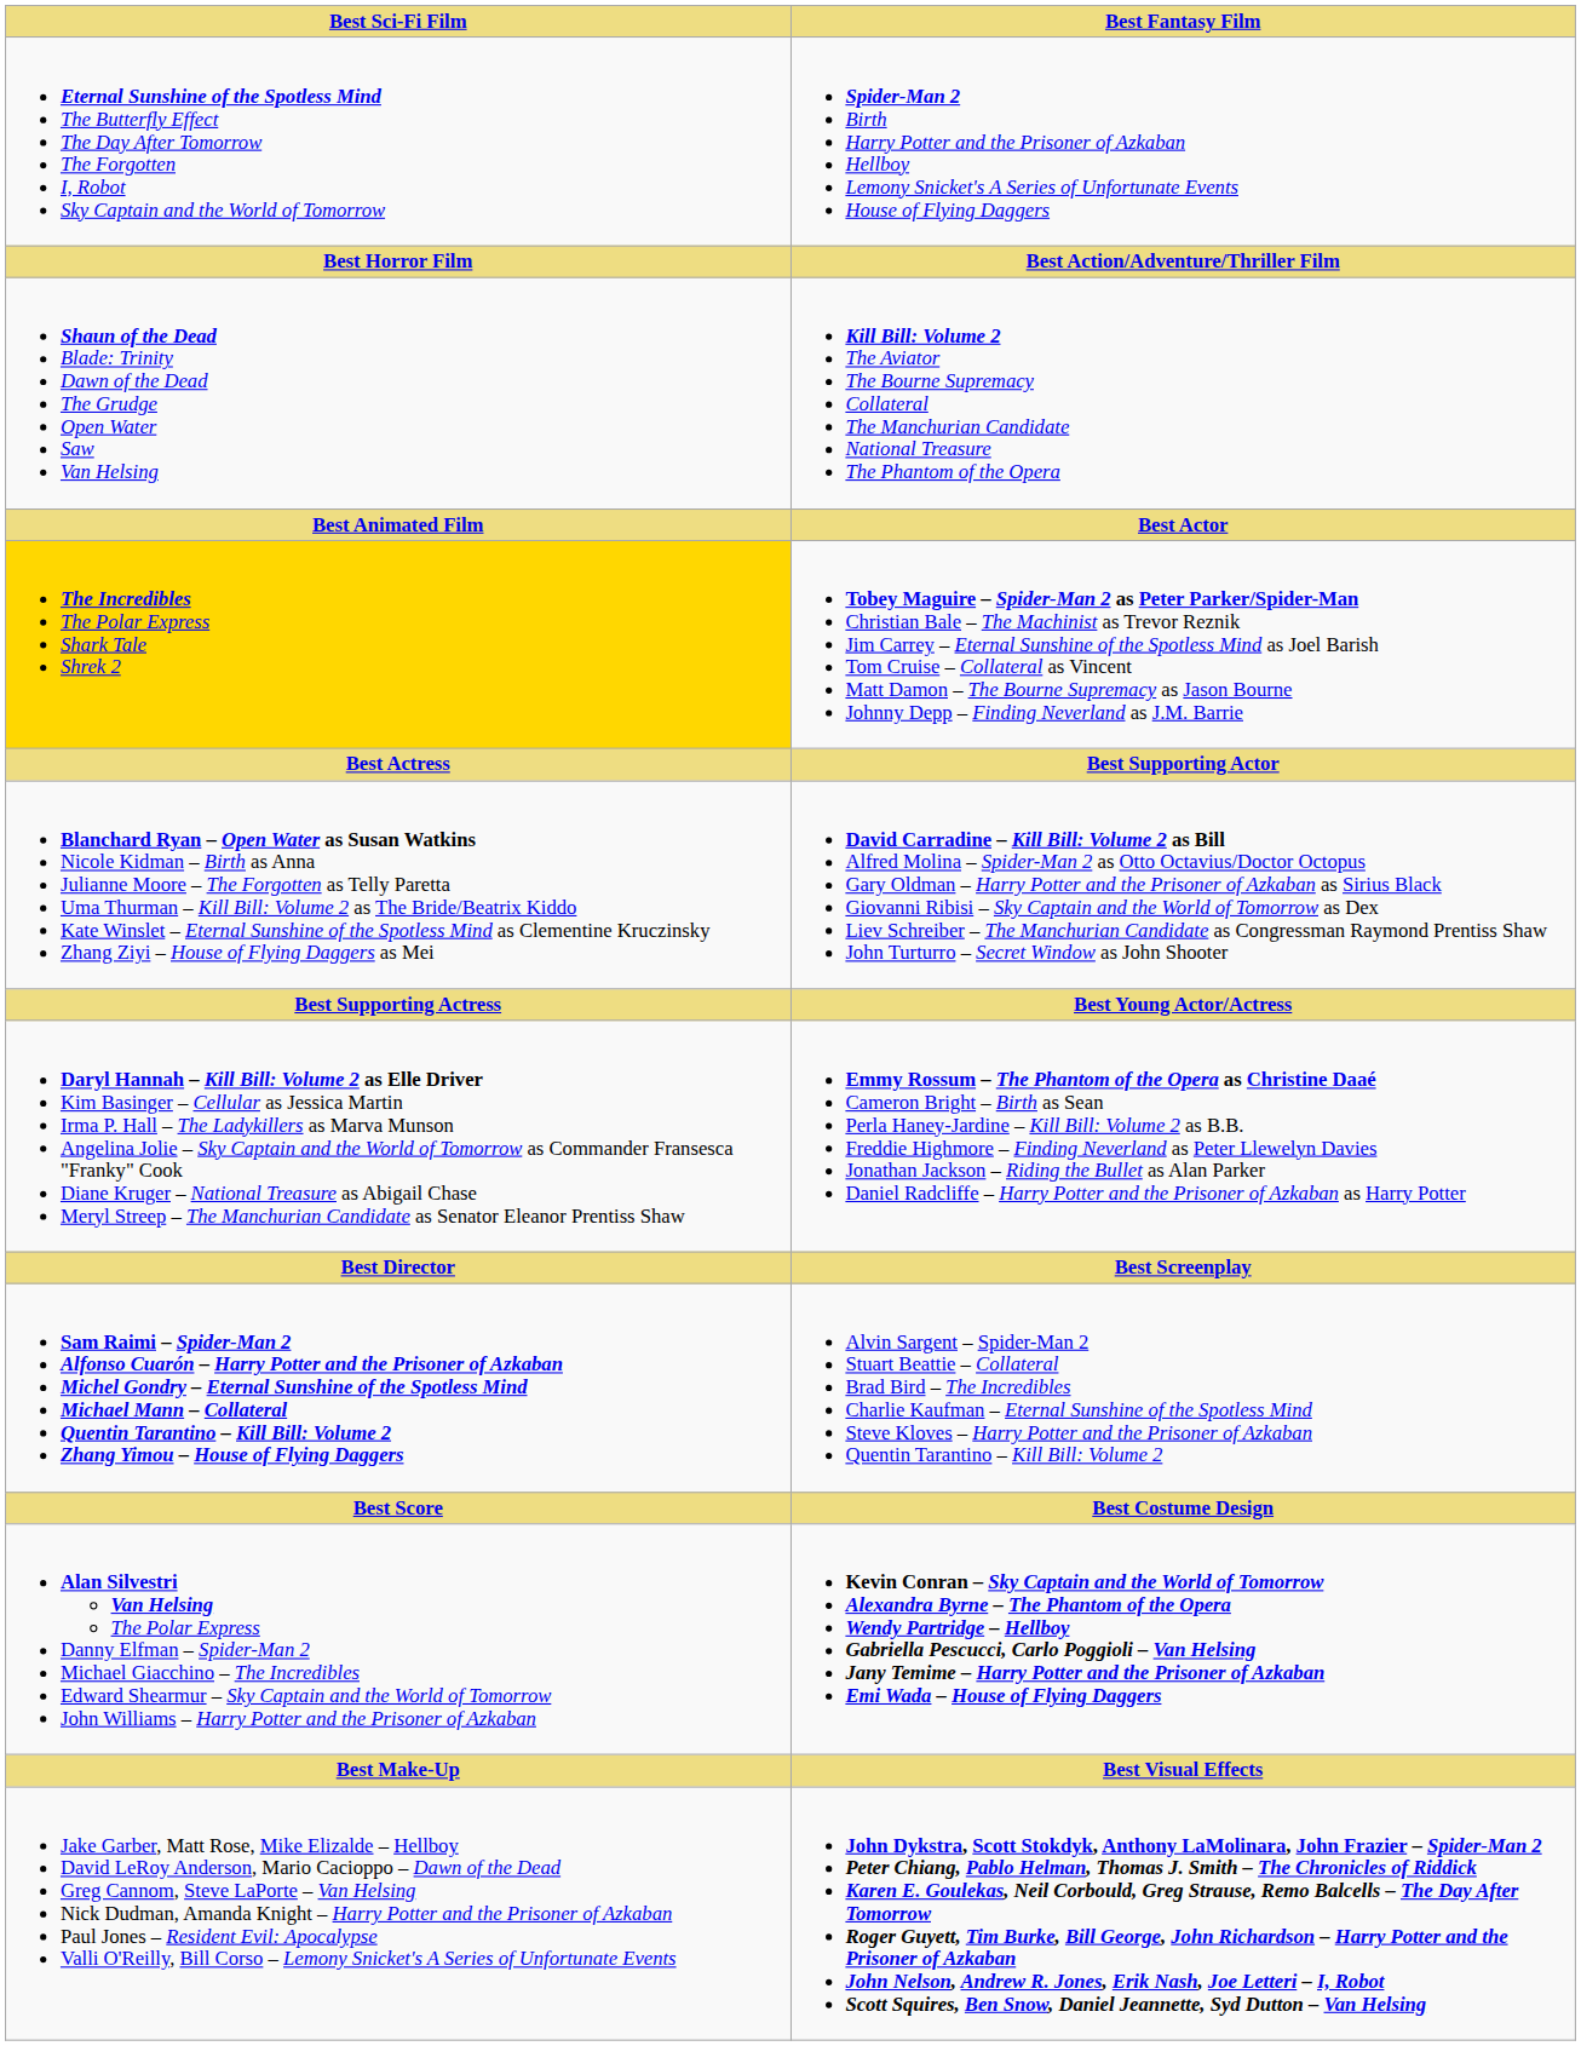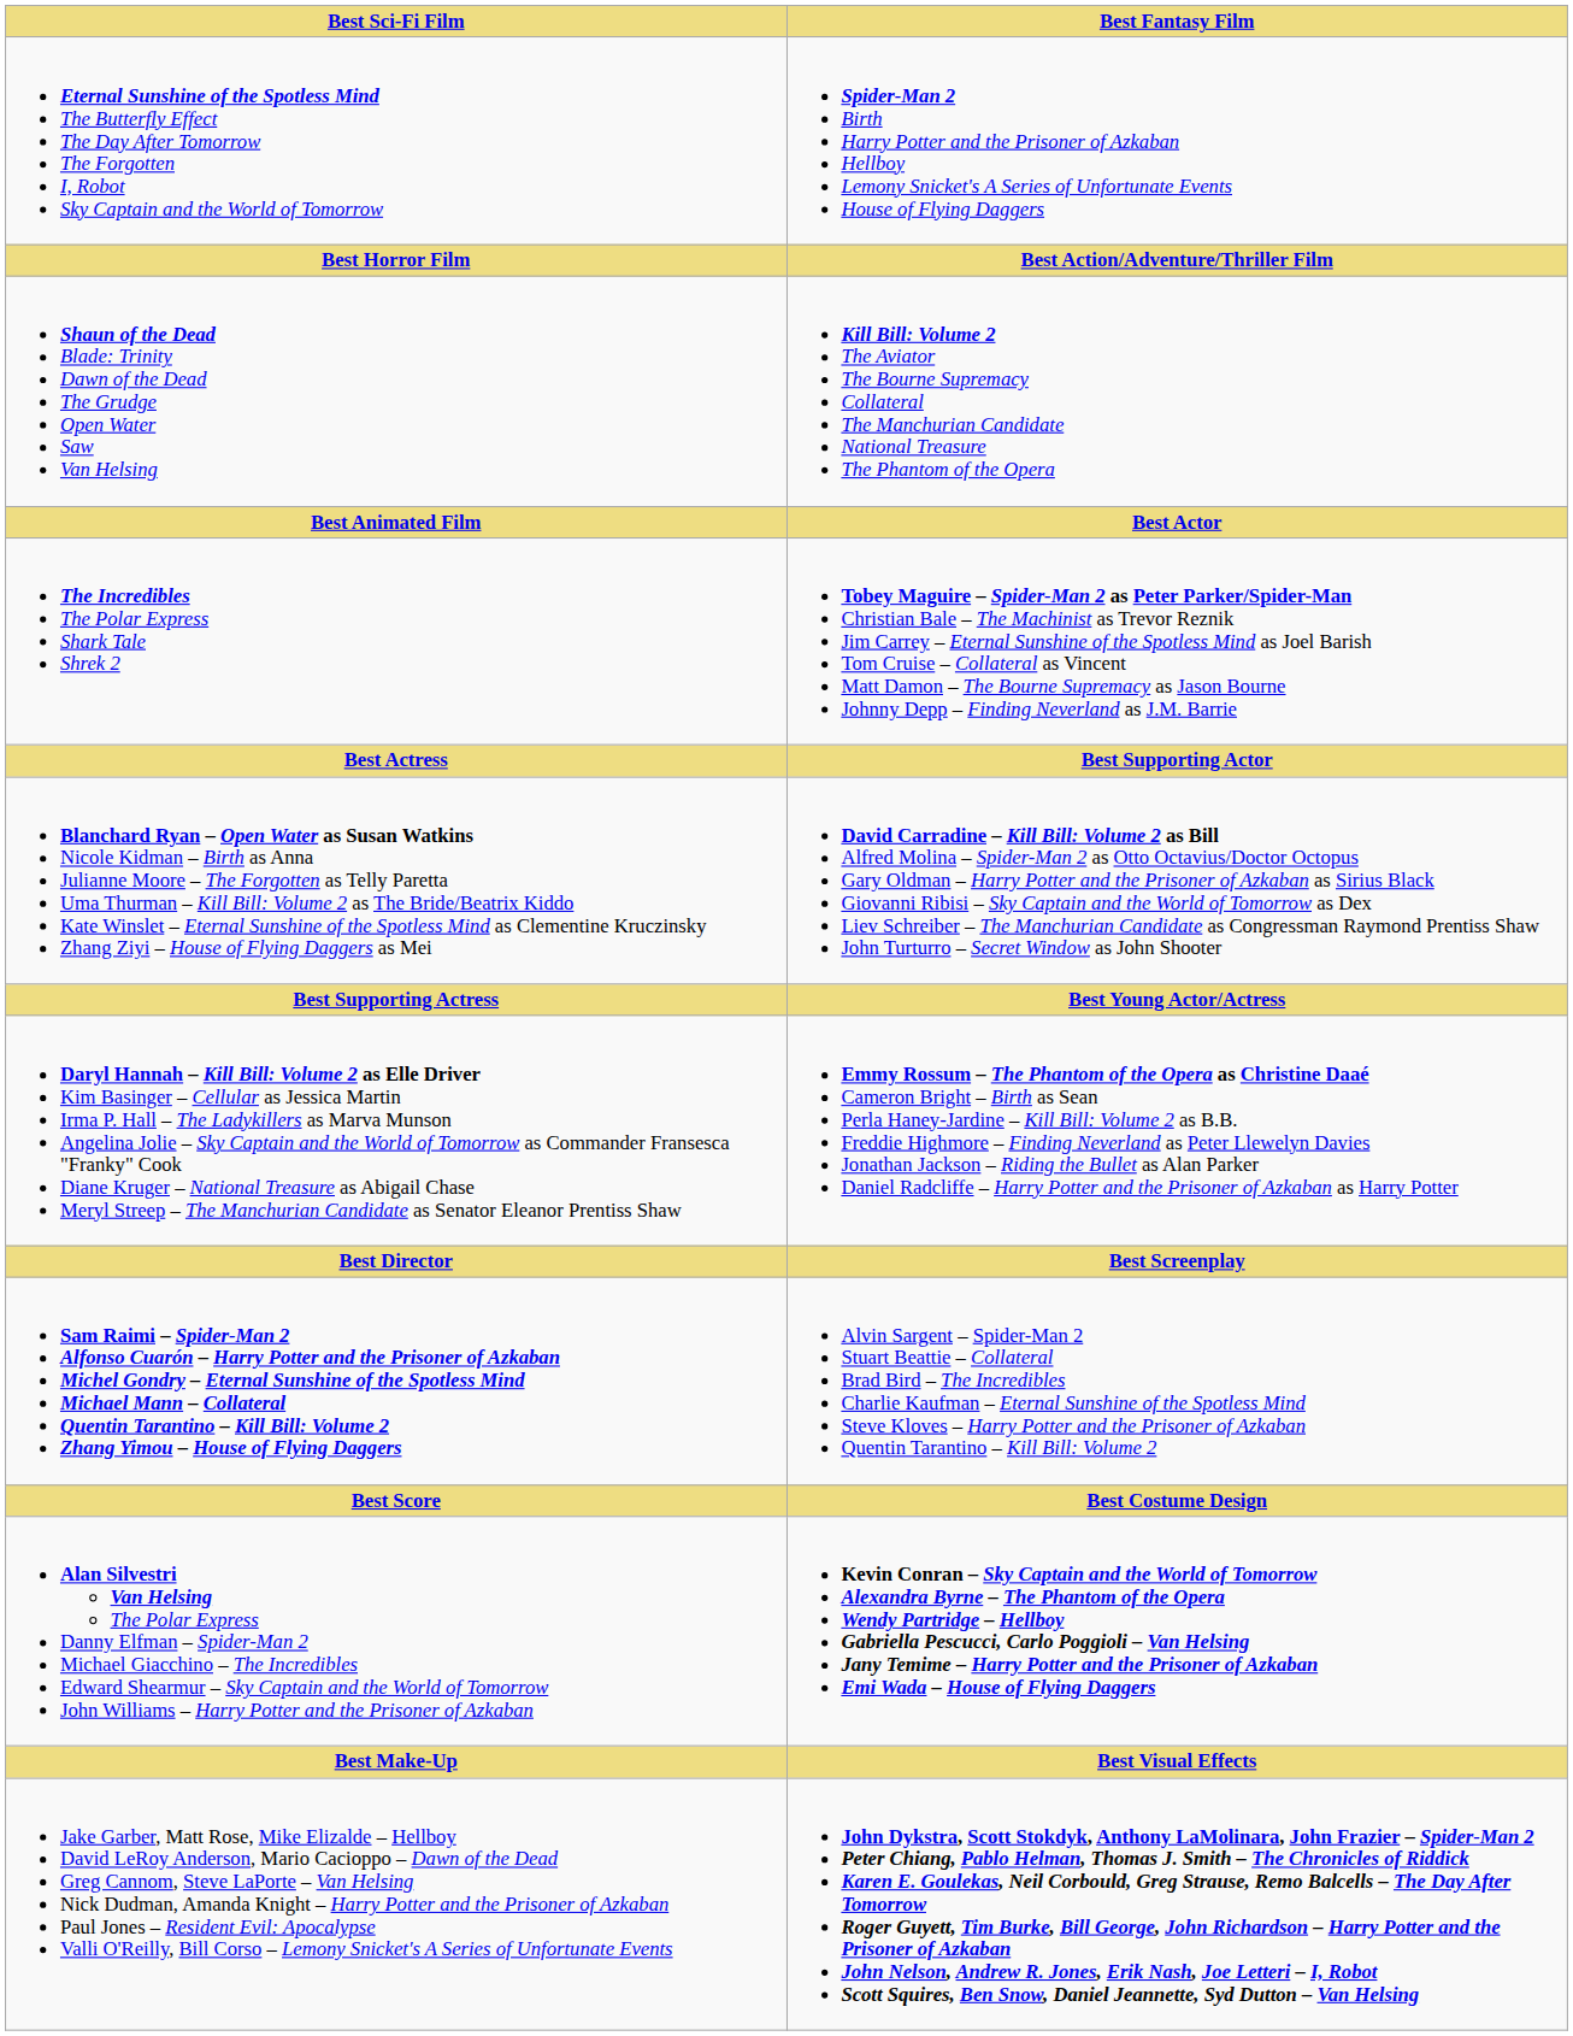 <table class=wikitable>
 <tr>
 <th style="background:#EEDD82; width:50%"><a href='#'>Best Sci-Fi Film</a></th>
 <th style="background:#EEDD82; width:50%"><a href='#'>Best Fantasy Film</a></th>
 </tr>
 <tr>
 <td valign="top"><br><ul><li><strong><em><a href='#'>Eternal Sunshine of the Spotless Mind</a></em></strong></li><li><em><a href='#'>The Butterfly Effect</a></em></li><li><em><a href='#'>The Day After Tomorrow</a></em></li><li><em><a href='#'>The Forgotten</a></em></li><li><em><a href='#'>I, Robot</a></em></li><li><em><a href='#'>Sky Captain and the World of Tomorrow</a></em></li></ul></td>
 <td valign="top"><br><ul><li><strong><em><a href='#'>Spider-Man 2</a></em></strong></li><li><em><a href='#'>Birth</a></em></li><li><em><a href='#'>Harry Potter and the Prisoner of Azkaban</a></em></li><li><em><a href='#'>Hellboy</a></em></li><li><em><a href='#'>Lemony Snicket's A Series of Unfortunate Events</a></em></li><li><em><a href='#'>House of Flying Daggers</a></em></li></ul></td>
 </tr>
 <tr>
 <th style="background:#EEDD82; width:50%"><a href='#'>Best Horror Film</a></th>
 <th style="background:#EEDD82; width:50%"><a href='#'>Best Action/Adventure/Thriller Film</a></th>
 </tr>
 <tr>
 <td valign="top"><br><ul><li><strong><em><a href='#'>Shaun of the Dead</a></em></strong></li><li><em><a href='#'>Blade: Trinity</a></em></li><li><em><a href='#'>Dawn of the Dead</a></em></li><li><em><a href='#'>The Grudge</a></em></li><li><em><a href='#'>Open Water</a></em></li><li><em><a href='#'>Saw</a></em></li><li><em><a href='#'>Van Helsing</a></em></li></ul></td>
 <td valign="top"><br><ul><li><strong><em><a href='#'>Kill Bill: Volume 2</a></em></strong></li><li><em><a href='#'>The Aviator</a></em></li><li><em><a href='#'>The Bourne Supremacy</a></em></li><li><em><a href='#'>Collateral</a></em></li><li><em><a href='#'>The Manchurian Candidate</a></em></li><li><em><a href='#'>National Treasure</a></em></li><li><em><a href='#'>The Phantom of the Opera</a></em></li></ul></td>
 </tr>
 <tr>
 <th style="background:#EEDD82; width:50%"><a href='#'>Best Animated Film</a></th>
 <th style="background:#EEDD82; width:50%"><a href='#'>Best Actor</a></th>
 </tr>
 <tr>
-<td valign="top" style="background: gold;"><br><ul><li><strong><em><a href='#'>The Incredibles</a></em></strong></li><li><em><a href='#'>The Polar Express</a></em></li><li><em><a href='#'>Shark Tale</a></em></li><li><em><a href='#'>Shrek 2</a></em></li></ul></td>
+<td valign="top"><br><ul><li><strong><em><a href='#'>The Incredibles</a></em></strong></li><li><em><a href='#'>The Polar Express</a></em></li><li><em><a href='#'>Shark Tale</a></em></li><li><em><a href='#'>Shrek 2</a></em></li></ul></td>
 <td valign="top"><br><ul><li><strong><a href='#'>Tobey Maguire</a> – <em><a href='#'>Spider-Man 2</a></em> as <a href='#'>Peter Parker/Spider-Man</a></strong></li><li><a href='#'>Christian Bale</a> – <em><a href='#'>The Machinist</a></em> as Trevor Reznik</li><li><a href='#'>Jim Carrey</a> – <em><a href='#'>Eternal Sunshine of the Spotless Mind</a></em> as Joel Barish</li><li><a href='#'>Tom Cruise</a> – <em><a href='#'>Collateral</a></em> as Vincent</li><li><a href='#'>Matt Damon</a> – <em><a href='#'>The Bourne Supremacy</a></em> as <a href='#'>Jason Bourne</a></li><li><a href='#'>Johnny Depp</a> – <em><a href='#'>Finding Neverland</a></em> as <a href='#'>J.M. Barrie</a></li></ul></td>
 </tr>
 <tr>
 <th style="background:#EEDD82; width:50%"><a href='#'>Best Actress</a></th>
 <th style="background:#EEDD82; width:50%"><a href='#'>Best Supporting Actor</a></th>
 </tr>
 <tr>
 <td valign="top"><br><ul><li><strong><a href='#'>Blanchard Ryan</a> – <em><a href='#'>Open Water</a></em> as Susan Watkins</strong></li><li><a href='#'>Nicole Kidman</a> – <em><a href='#'>Birth</a></em> as Anna</li><li><a href='#'>Julianne Moore</a> – <em><a href='#'>The Forgotten</a></em> as Telly Paretta</li><li><a href='#'>Uma Thurman</a> – <em><a href='#'>Kill Bill: Volume 2</a></em> as <a href='#'>The Bride/Beatrix Kiddo</a></li><li><a href='#'>Kate Winslet</a> – <em><a href='#'>Eternal Sunshine of the Spotless Mind</a></em> as Clementine Kruczinsky</li><li><a href='#'>Zhang Ziyi</a> – <em><a href='#'>House of Flying Daggers</a></em> as Mei</li></ul></td>
 <td valign="top"><br><ul><li><strong><a href='#'>David Carradine</a> – <em><a href='#'>Kill Bill: Volume 2</a></em> as Bill</strong></li><li><a href='#'>Alfred Molina</a> – <em><a href='#'>Spider-Man 2</a></em> as <a href='#'>Otto Octavius/Doctor Octopus</a></li><li><a href='#'>Gary Oldman</a> – <em><a href='#'>Harry Potter and the Prisoner of Azkaban</a></em> as <a href='#'>Sirius Black</a></li><li><a href='#'>Giovanni Ribisi</a> – <em><a href='#'>Sky Captain and the World of Tomorrow</a></em> as Dex</li><li><a href='#'>Liev Schreiber</a> – <em><a href='#'>The Manchurian Candidate</a></em> as Congressman Raymond Prentiss Shaw</li><li><a href='#'>John Turturro</a> – <em><a href='#'>Secret Window</a></em> as John Shooter</li></ul></td>
 </tr>
 <tr>
 <th style="background:#EEDD82; width:50%"><a href='#'>Best Supporting Actress</a></th>
 <th style="background:#EEDD82; width:50%"><a href='#'>Best Young Actor/Actress</a></th>
 </tr>
 <tr>
 <td valign="top"><br><ul><li><strong><a href='#'>Daryl Hannah</a> – <em><a href='#'>Kill Bill: Volume 2</a></em> as Elle Driver</strong></li><li><a href='#'>Kim Basinger</a> – <em><a href='#'>Cellular</a></em> as Jessica Martin</li><li><a href='#'>Irma P. Hall</a> – <em><a href='#'>The Ladykillers</a></em> as Marva Munson</li><li><a href='#'>Angelina Jolie</a> – <em><a href='#'>Sky Captain and the World of Tomorrow</a></em> as Commander Fransesca "Franky" Cook</li><li><a href='#'>Diane Kruger</a> – <em><a href='#'>National Treasure</a></em> as Abigail Chase</li><li><a href='#'>Meryl Streep</a> – <em><a href='#'>The Manchurian Candidate</a></em> as Senator Eleanor Prentiss Shaw</li></ul></td>
 <td valign="top"><br><ul><li><strong><a href='#'>Emmy Rossum</a> – <em><a href='#'>The Phantom of the Opera</a></em> as <a href='#'>Christine Daaé</a></strong></li><li><a href='#'>Cameron Bright</a> – <em><a href='#'>Birth</a></em> as Sean</li><li><a href='#'>Perla Haney-Jardine</a> – <em><a href='#'>Kill Bill: Volume 2</a></em> as B.B.</li><li><a href='#'>Freddie Highmore</a> – <em><a href='#'>Finding Neverland</a></em> as <a href='#'>Peter Llewelyn Davies</a></li><li><a href='#'>Jonathan Jackson</a> – <em><a href='#'>Riding the Bullet</a></em> as Alan Parker</li><li><a href='#'>Daniel Radcliffe</a> – <em><a href='#'>Harry Potter and the Prisoner of Azkaban</a></em> as <a href='#'>Harry Potter</a></li></ul></td>
 </tr>
 <tr>
 <th style="background:#EEDD82; width:50%"><a href='#'>Best Director</a></th>
 <th style="background:#EEDD82; width:50%"><a href='#'>Best Screenplay</a></th>
 </tr>
 <tr>
 <td valign="top"><br><ul><li><strong><a href='#'>Sam Raimi</a> – <em><a href='#'>Spider-Man 2</a><strong><em></li><li><a href='#'>Alfonso Cuarón</a> – </em><a href='#'>Harry Potter and the Prisoner of Azkaban</a><em></li><li><a href='#'>Michel Gondry</a> – </em><a href='#'>Eternal Sunshine of the Spotless Mind</a><em></li><li><a href='#'>Michael Mann</a> – </em><a href='#'>Collateral</a><em></li><li><a href='#'>Quentin Tarantino</a> – </em><a href='#'>Kill Bill: Volume 2</a><em></li><li><a href='#'>Zhang Yimou</a> – </em><a href='#'>House of Flying Daggers</a><em></li></ul></td>
 <td valign="top"><br><ul><li></strong><a href='#'>Alvin Sargent</a> – </em><a href='#'>Spider-Man 2</a></em></strong></li><li><a href='#'>Stuart Beattie</a> – <em><a href='#'>Collateral</a></em></li><li><a href='#'>Brad Bird</a> – <em><a href='#'>The Incredibles</a></em></li><li><a href='#'>Charlie Kaufman</a> – <em><a href='#'>Eternal Sunshine of the Spotless Mind</a></em></li><li><a href='#'>Steve Kloves</a> – <em><a href='#'>Harry Potter and the Prisoner of Azkaban</a></em></li><li><a href='#'>Quentin Tarantino</a> – <em><a href='#'>Kill Bill: Volume 2</a></em></li></ul></td>
 </tr>
 <tr>
 <th style="background:#EEDD82; width:50%"><a href='#'>Best Score</a></th>
 <th style="background:#EEDD82; width:50%"><a href='#'>Best Costume Design</a></th>
 </tr>
 <tr>
 <td valign="top"><br><ul><li><strong><a href='#'>Alan Silvestri</a></strong><ul><li><strong><em><a href='#'>Van Helsing</a></em></strong></li><li><em><a href='#'>The Polar Express</a></em></li></ul></li><li><a href='#'>Danny Elfman</a> – <em><a href='#'>Spider-Man 2</a></em></li><li><a href='#'>Michael Giacchino</a> – <em><a href='#'>The Incredibles</a></em></li><li><a href='#'>Edward Shearmur</a> – <em><a href='#'>Sky Captain and the World of Tomorrow</a></em></li><li><a href='#'>John Williams</a> – <em><a href='#'>Harry Potter and the Prisoner of Azkaban</a></em></li></ul></td>
 <td valign="top"><br><ul><li><strong>Kevin Conran – <em><a href='#'>Sky Captain and the World of Tomorrow</a><strong><em></li><li><a href='#'>Alexandra Byrne</a> – </em><a href='#'>The Phantom of the Opera</a><em></li><li><a href='#'>Wendy Partridge</a> – </em><a href='#'>Hellboy</a><em></li><li>Gabriella Pescucci, Carlo Poggioli – </em><a href='#'>Van Helsing</a><em></li><li>Jany Temime – </em><a href='#'>Harry Potter and the Prisoner of Azkaban</a><em></li><li><a href='#'>Emi Wada</a> – </em><a href='#'>House of Flying Daggers</a><em></li></ul></td>
 </tr>
 <tr>
 <th style="background:#EEDD82; width:50%"><a href='#'>Best Make-Up</a></th>
 <th style="background:#EEDD82; width:50%"><a href='#'>Best Visual Effects</a></th>
 </tr>
 <tr>
 <td valign="top"><br><ul><li></strong><a href='#'>Jake Garber</a>, Matt Rose, <a href='#'>Mike Elizalde</a> – </em><a href='#'>Hellboy</a></em></strong></li><li><a href='#'>David LeRoy Anderson</a>, Mario Cacioppo – <em><a href='#'>Dawn of the Dead</a></em></li><li><a href='#'>Greg Cannom</a>, <a href='#'>Steve LaPorte</a> – <em><a href='#'>Van Helsing</a></em></li><li>Nick Dudman, Amanda Knight – <em><a href='#'>Harry Potter and the Prisoner of Azkaban</a></em></li><li>Paul Jones – <em><a href='#'>Resident Evil: Apocalypse</a></em></li><li><a href='#'>Valli O'Reilly</a>, <a href='#'>Bill Corso</a> – <em><a href='#'>Lemony Snicket's A Series of Unfortunate Events</a></em></li></ul></td>
 <td valign="top"><br><ul><li><strong><a href='#'>John Dykstra</a>, <a href='#'>Scott Stokdyk</a>, <a href='#'>Anthony LaMolinara</a>, <a href='#'>John Frazier</a> – <em><a href='#'>Spider-Man 2</a><strong><em></li><li>Peter Chiang, <a href='#'>Pablo Helman</a>, Thomas J. Smith – </em><a href='#'>The Chronicles of Riddick</a><em></li><li><a href='#'>Karen E. Goulekas</a>, Neil Corbould, Greg Strause, Remo Balcells – </em><a href='#'>The Day After Tomorrow</a><em></li><li>Roger Guyett, <a href='#'>Tim Burke</a>, <a href='#'>Bill George</a>, <a href='#'>John Richardson</a> – </em><a href='#'>Harry Potter and the Prisoner of Azkaban</a><em></li><li><a href='#'>John Nelson</a>, <a href='#'>Andrew R. Jones</a>, <a href='#'>Erik Nash</a>, <a href='#'>Joe Letteri</a> – </em><a href='#'>I, Robot</a><em></li><li>Scott Squires, <a href='#'>Ben Snow</a>, Daniel Jeannette, Syd Dutton – </em><a href='#'>Van Helsing</a><em></li></ul></td>
 </tr>
 </table>
